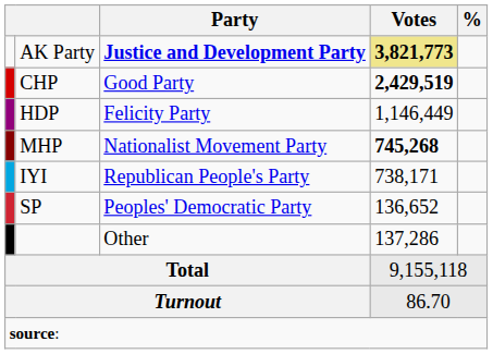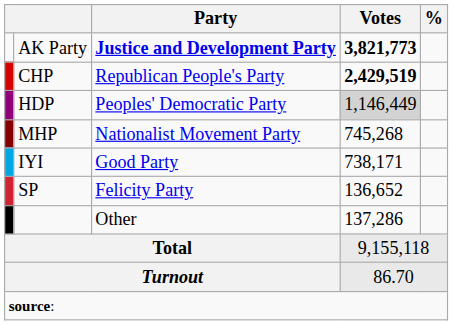 <table class="wikitable">
 <tr>
 <th colspan="2" align="center"></th>
 <th align="center">Party</th>
 <th align="center">Votes</th>
 <th align="center">%</th>
 </tr>
 <tr align="left">
 <td></td>
 <td>AK Party</td>
 <td><strong><a href='#'>Justice and Development Party</a></strong></td>
-<td style="background: khaki;"><strong>3,821,773</strong></td>
+<td><strong>3,821,773</strong></td>
 <td><strong></strong></td>
 </tr>
 <tr align="left">
 <td bgcolor="#d50000" width="1"></td>
 <td>CHP</td>
-<td><a href='#'>Good Party</a></td>
+<td><a href='#'>Republican People's Party</a></td>
 <td><strong>2,429,519</strong></td>
 <td></td>
 </tr>
 <tr align="left">
 <td bgcolor="#91007B" width="1"></td>
 <td>HDP</td>
-<td><a href='#'>Felicity Party</a></td>
-<td>1,146,449</td>
+<td><a href='#'>Peoples' Democratic Party</a></td>
+<td style="background: lightgrey;">1,146,449</td>
 <td></td>
 </tr>
 <tr align="left">
 <td bgcolor="#870000" width="1"></td>
 <td>MHP</td>
 <td><a href='#'>Nationalist Movement Party</a></td>
-<td><strong>745,268</strong></td>
+<td>745,268</td>
 <td></td>
 </tr>
 <tr align="left">
 <td bgcolor="#01A7E1" width="1"></td>
 <td>IYI</td>
-<td><a href='#'>Republican People's Party</a></td>
+<td><a href='#'>Good Party</a></td>
 <td>738,171</td>
 <td></td>
 </tr>
 <tr align="left">
 <td bgcolor="#D02433" width="1"></td>
 <td>SP</td>
-<td><a href='#'>Peoples' Democratic Party</a></td>
+<td><a href='#'>Felicity Party</a></td>
 <td>136,652</td>
 <td></td>
 </tr>
 <tr align="left">
 <td bgcolor=" " width="1"></td>
 <td></td>
 <td>Other</td>
 <td>137,286</td>
 <td></td>
 </tr>
 <tr align="left" style="background-color:#E9E9E9">
 <th colspan="3" align="center"><strong>Total</strong></th>
 <td colspan="5" align="center">9,155,118</td>
 </tr>
 <tr align="left" style="background-color:#E9E9E9">
 <th colspan="3" align="center"><em>Turnout</em></th>
 <td colspan="5" align="center">86.70</td>
 </tr>
 <tr>
 <td colspan="9" align="left"><small><strong>source</strong>: </small></td>
 </tr>
 </table>
